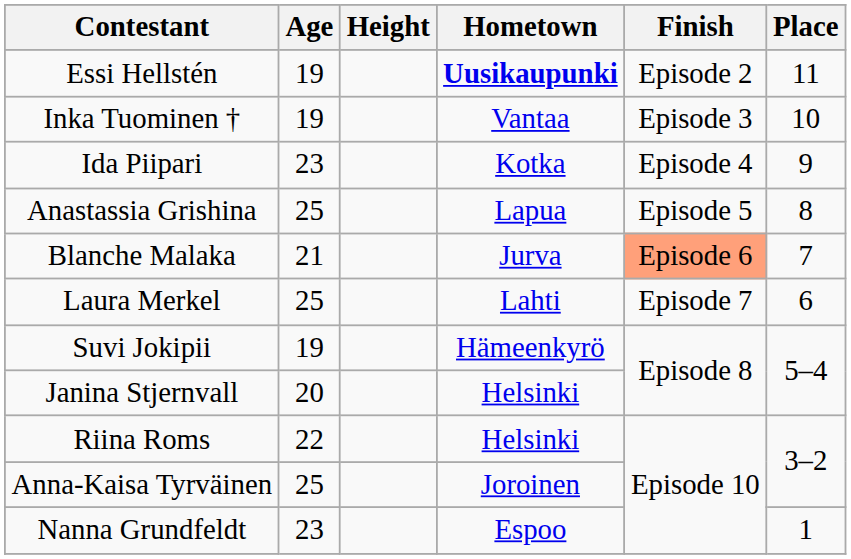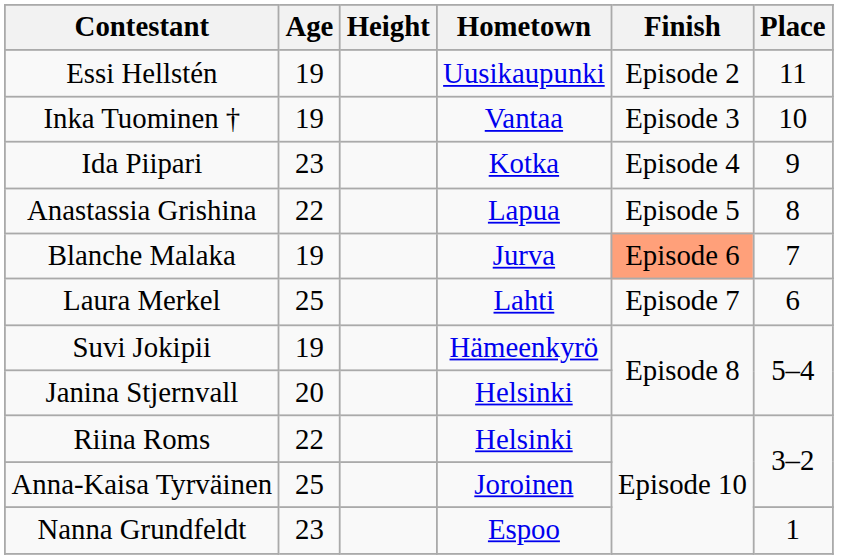 <table class="wikitable sortable" style="text-align:center;">
 <tr>
 <th>Contestant</th>
 <th>Age</th>
 <th>Height</th>
 <th>Hometown</th>
 <th>Finish</th>
 <th>Place</th>
 </tr>
 <tr>
 <td>Essi Hellstén</td>
 <td>19</td>
 <td></td>
-<td><strong><a href='#'>Uusikaupunki</a></strong></td>
+<td><a href='#'>Uusikaupunki</a></td>
 <td>Episode 2</td>
 <td>11</td>
 </tr>
 <tr>
 <td>Inka Tuominen †</td>
 <td>19</td>
 <td></td>
 <td><a href='#'>Vantaa</a></td>
 <td>Episode 3</td>
 <td>10</td>
 </tr>
 <tr>
 <td>Ida Piipari</td>
 <td>23</td>
 <td></td>
 <td><a href='#'>Kotka</a></td>
 <td>Episode 4</td>
 <td>9</td>
 </tr>
 <tr>
 <td>Anastassia Grishina</td>
-<td>25</td>
+<td>22</td>
 <td></td>
 <td><a href='#'>Lapua</a></td>
 <td>Episode 5</td>
 <td>8</td>
 </tr>
 <tr>
 <td>Blanche Malaka</td>
-<td>21</td>
+<td>19</td>
 <td></td>
 <td><a href='#'>Jurva</a></td>
 <td style="background: lightsalmon;">Episode 6</td>
 <td>7</td>
 </tr>
 <tr>
 <td>Laura Merkel</td>
 <td>25</td>
 <td></td>
 <td><a href='#'>Lahti</a></td>
 <td>Episode 7</td>
 <td>6</td>
 </tr>
 <tr>
 <td>Suvi Jokipii</td>
 <td>19</td>
 <td></td>
 <td><a href='#'>Hämeenkyrö</a></td>
 <td rowspan="2">Episode 8</td>
 <td rowspan="2">5–4</td>
 </tr>
 <tr>
 <td>Janina Stjernvall</td>
 <td>20</td>
 <td></td>
 <td><a href='#'>Helsinki</a></td>
 </tr>
 <tr>
 <td>Riina Roms</td>
 <td>22</td>
 <td></td>
 <td><a href='#'>Helsinki</a></td>
 <td rowspan="3">Episode 10</td>
 <td rowspan="2">3–2</td>
 </tr>
 <tr>
 <td>Anna-Kaisa Tyrväinen</td>
 <td>25</td>
 <td></td>
 <td><a href='#'>Joroinen</a></td>
 </tr>
 <tr>
 <td>Nanna Grundfeldt</td>
 <td>23</td>
 <td></td>
 <td><a href='#'>Espoo</a></td>
 <td>1</td>
 </tr>
 </table>
